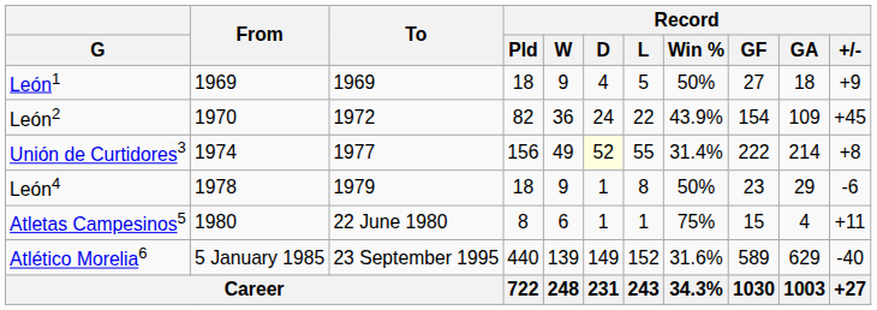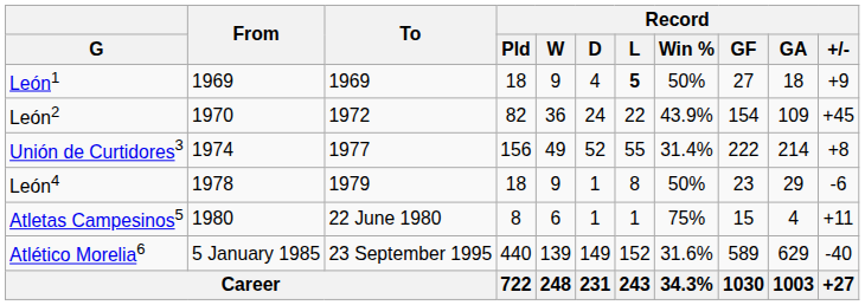 <table class="wikitable" style="text-align: center">
 <tr>
 <th></th>
 <th rowspan=2>From</th>
 <th rowspan=2>To</th>
 <th colspan=8>Record</th>
 </tr>
 <tr>
 <th>G</th>
 <th>Pld</th>
 <th>W</th>
 <th>D</th>
 <th>L</th>
 <th>Win %</th>
 <th>GF</th>
 <th>GA</th>
 <th>+/-</th>
 </tr>
 <tr>
 <td align=left><a href='#'>León</a><sup>1</sup></td>
 <td align=left>1969</td>
 <td align=left>1969</td>
 <td>18</td>
 <td>9</td>
 <td>4</td>
-<td>5</td>
+<td><strong>5</strong></td>
 <td>50%</td>
 <td>27</td>
 <td>18</td>
 <td>+9</td>
 </tr>
 <tr>
 <td align=left>León<sup>2</sup></td>
 <td align=left>1970</td>
 <td align=left>1972</td>
 <td>82</td>
 <td>36</td>
 <td>24</td>
 <td>22</td>
 <td>43.9%</td>
 <td>154</td>
 <td>109</td>
 <td>+45</td>
 </tr>
 <tr>
 <td align=left><a href='#'>Unión de Curtidores</a><sup>3</sup></td>
 <td align=left>1974</td>
 <td align=left>1977</td>
 <td>156</td>
 <td>49</td>
-<td style="background: lightyellow;">52</td>
+<td>52</td>
 <td>55</td>
 <td>31.4%</td>
 <td>222</td>
 <td>214</td>
 <td>+8</td>
 </tr>
 <tr>
 <td align=left>León<sup>4</sup></td>
 <td align=left>1978</td>
 <td align=left>1979</td>
 <td>18</td>
 <td>9</td>
 <td>1</td>
 <td>8</td>
 <td>50%</td>
 <td>23</td>
 <td>29</td>
 <td>-6</td>
 </tr>
 <tr>
 <td align=left><a href='#'>Atletas Campesinos</a><sup>5</sup></td>
 <td align=left>1980</td>
 <td align=left>22 June 1980</td>
 <td>8</td>
 <td>6</td>
 <td>1</td>
 <td>1</td>
 <td>75%</td>
 <td>15</td>
 <td>4</td>
 <td>+11</td>
 </tr>
 <tr>
 <td align=left><a href='#'>Atlético Morelia</a><sup>6</sup></td>
 <td align=left>5 January 1985</td>
 <td align=left>23 September 1995</td>
 <td>440</td>
 <td>139</td>
 <td>149</td>
 <td>152</td>
 <td>31.6%</td>
 <td>589</td>
 <td>629</td>
 <td>-40</td>
 </tr>
 <tr>
 <th colspan=3>Career</th>
 <th>722</th>
 <th>248</th>
 <th>231</th>
 <th>243</th>
 <th>34.3%</th>
 <th>1030</th>
 <th>1003</th>
 <th>+27</th>
 </tr>
 </table>
